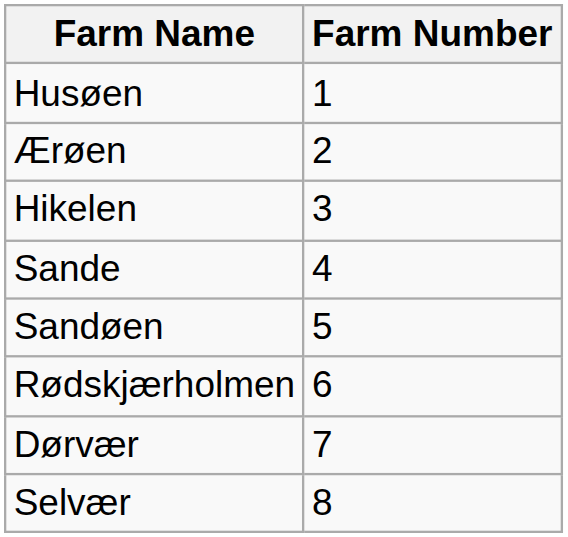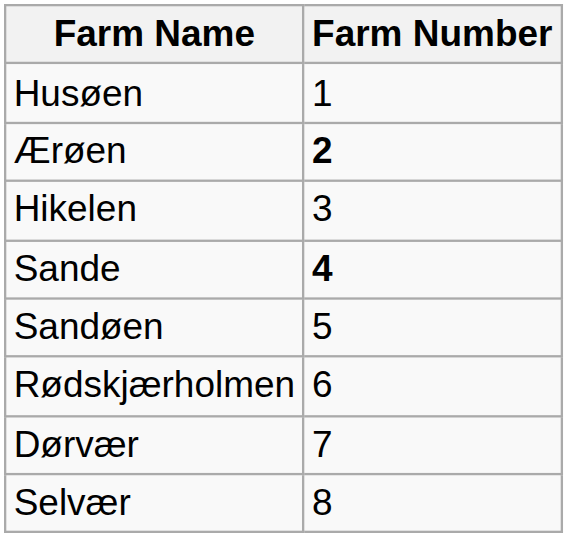 <table class="wikitable sortable mw-collapsible">
 <tr>
 <th>Farm Name</th>
 <th>Farm Number</th>
 </tr>
 <tr>
 <td>Husøen</td>
 <td>1</td>
 </tr>
 <tr>
 <td>Ærøen</td>
-<td>2</td>
+<td><strong>2</strong></td>
 </tr>
 <tr>
 <td>Hikelen</td>
 <td>3</td>
 </tr>
 <tr>
 <td>Sande</td>
-<td>4</td>
+<td><strong>4</strong></td>
 </tr>
 <tr>
 <td>Sandøen</td>
 <td>5</td>
 </tr>
 <tr>
 <td>Rødskjærholmen</td>
 <td>6</td>
 </tr>
 <tr>
 <td>Dørvær</td>
 <td>7</td>
 </tr>
 <tr>
 <td>Selvær</td>
 <td>8</td>
 </tr>
 </table>
